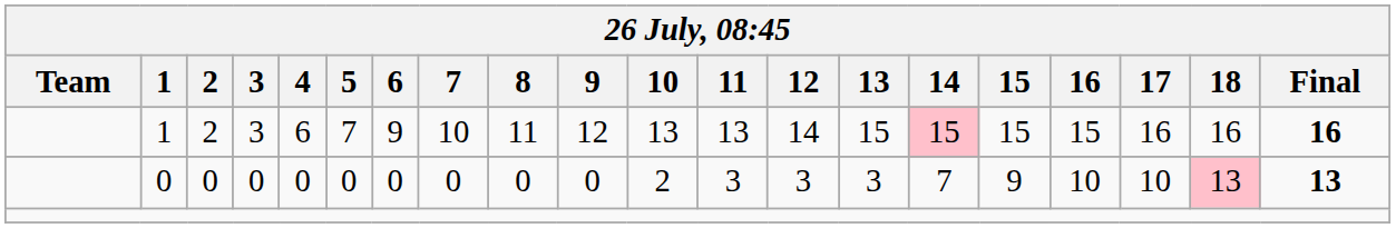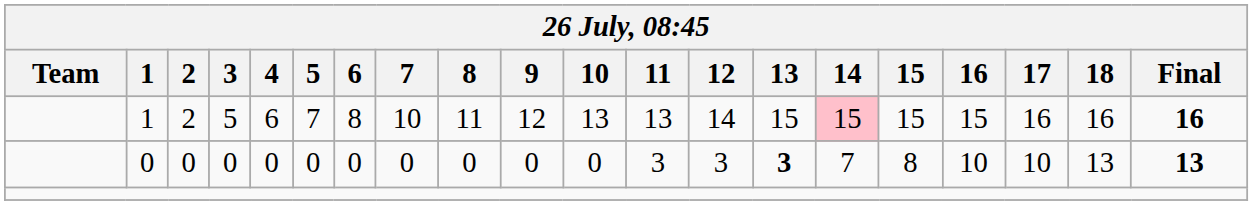 <table class=wikitable style="text-align:center; width: 55%">
 <tr>
 <th colspan=20><em>26 July, 08:45</em></th>
 </tr>
 <tr>
 <th>Team</th>
 <th>1</th>
 <th>2</th>
 <th>3</th>
 <th>4</th>
 <th>5</th>
 <th>6</th>
 <th>7</th>
 <th>8</th>
 <th>9</th>
 <th>10</th>
 <th>11</th>
 <th>12</th>
 <th>13</th>
 <th>14</th>
 <th>15</th>
 <th>16</th>
 <th>17</th>
 <th>18</th>
 <th>Final</th>
 </tr>
 <tr>
 <td align=left><strong></strong></td>
 <td>1</td>
 <td>2</td>
-<td>3</td>
+<td>5</td>
 <td>6</td>
 <td>7</td>
-<td>9</td>
+<td>8</td>
 <td>10</td>
 <td>11</td>
 <td>12</td>
 <td>13</td>
 <td>13</td>
 <td>14</td>
 <td>15</td>
 <td style="background: pink;">15</td>
 <td>15</td>
 <td>15</td>
 <td>16</td>
 <td>16</td>
 <td><strong>16</strong></td>
 </tr>
 <tr>
 <td align=left></td>
 <td>0</td>
 <td>0</td>
 <td>0</td>
 <td>0</td>
 <td>0</td>
 <td>0</td>
 <td>0</td>
 <td>0</td>
 <td>0</td>
-<td>2</td>
+<td>0</td>
 <td>3</td>
 <td>3</td>
-<td>3</td>
+<td><strong>3</strong></td>
 <td>7</td>
-<td>9</td>
+<td>8</td>
 <td>10</td>
 <td>10</td>
-<td style="background: pink;">13</td>
+<td>13</td>
 <td><strong>13</strong></td>
 </tr>
 <tr>
 <td colspan=20></td>
 </tr>
 </table>
